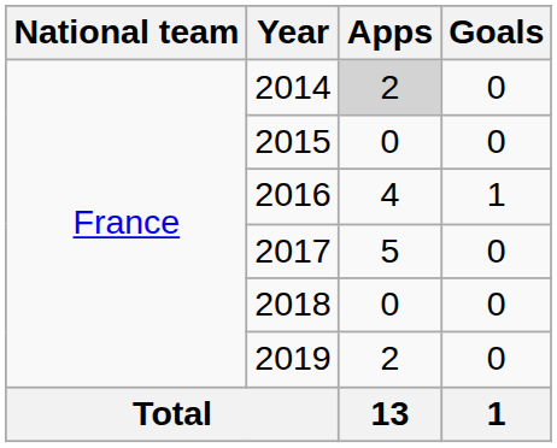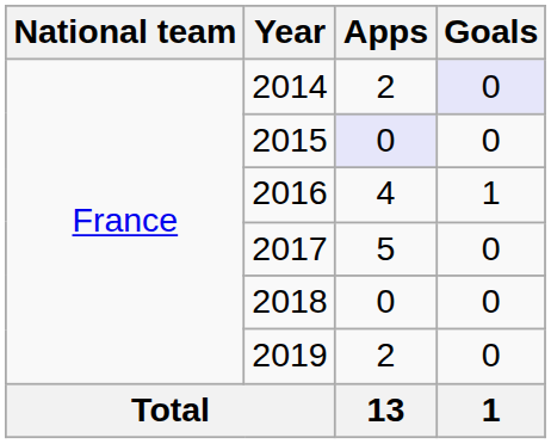 <table class="wikitable" style="text-align: center;">
 <tr>
 <th>National team</th>
 <th>Year</th>
 <th>Apps</th>
 <th>Goals</th>
 </tr>
 <tr>
 <td rowspan="6"><a href='#'>France</a></td>
 <td>2014</td>
-<td style="background: lightgrey;">2</td>
-<td>0</td>
+<td>2</td>
+<td style="background: lavender;">0</td>
 </tr>
 <tr>
 <td>2015</td>
-<td>0</td>
+<td style="background: lavender;">0</td>
 <td>0</td>
 </tr>
 <tr>
 <td>2016</td>
 <td>4</td>
 <td>1</td>
 </tr>
 <tr>
 <td>2017</td>
 <td>5</td>
 <td>0</td>
 </tr>
 <tr>
 <td>2018</td>
 <td>0</td>
 <td>0</td>
 </tr>
 <tr>
 <td>2019</td>
 <td>2</td>
 <td>0</td>
 </tr>
 <tr>
 <th colspan="2">Total</th>
 <th>13</th>
 <th>1</th>
 </tr>
 </table>
